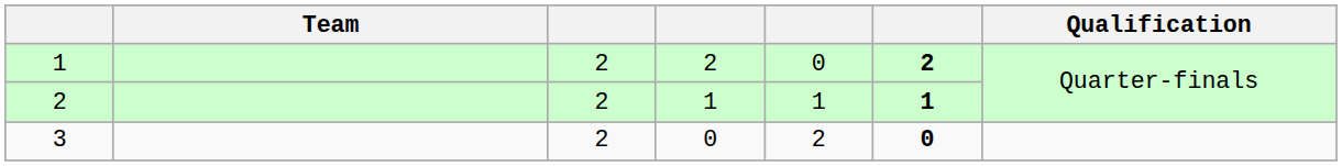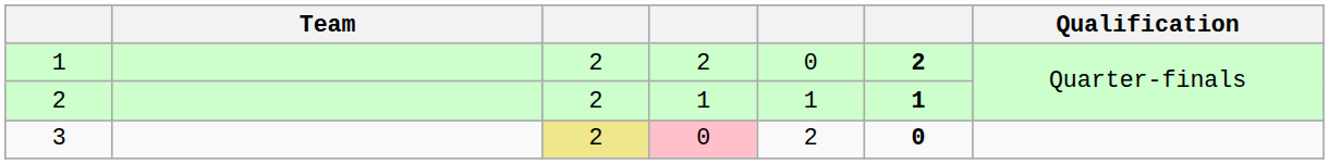 <table class=wikitable style="text-align:center" width=730>
 <tr>
 <th width=5.5%></th>
 <th width=22%>Team</th>
 <th width=5.5%></th>
 <th width=5.5%></th>
 <th width=5.5%></th>
 <th width=5.5%></th>
 <th width=18%>Qualification</th>
 </tr>
 <tr bgcolor=ccffcc>
 <td>1</td>
 <td style="text-align:left"></td>
 <td>2</td>
 <td>2</td>
 <td>0</td>
 <td><strong>2</strong></td>
 <td rowspan=2>Quarter-finals</td>
 </tr>
 <tr bgcolor=ccffcc>
 <td>2</td>
 <td style="text-align:left"></td>
 <td>2</td>
 <td>1</td>
 <td>1</td>
 <td><strong>1</strong></td>
 </tr>
 <tr>
 <td>3</td>
 <td style="text-align:left"></td>
-<td>2</td>
-<td>0</td>
+<td style="background: khaki;">2</td>
+<td style="background: pink;">0</td>
 <td>2</td>
 <td><strong>0</strong></td>
 <td></td>
 </tr>
 </table>
